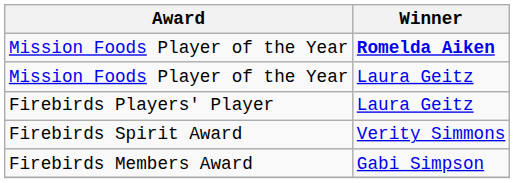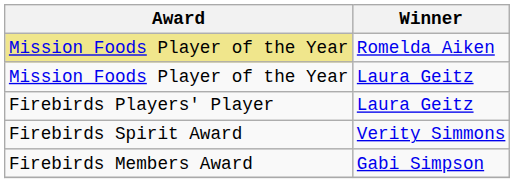 <table class="wikitable collapsible">
 <tr>
 <th>Award</th>
 <th>Winner</th>
 </tr>
 <tr>
-<td><a href='#'>Mission Foods</a> Player of the Year</td>
-<td><strong> <a href='#'>Romelda Aiken</a> <em></em></strong></td>
+<td style="background: khaki;"><a href='#'>Mission Foods</a> Player of the Year</td>
+<td> <a href='#'>Romelda Aiken</a> <em></em></td>
 </tr>
 <tr>
 <td><a href='#'>Mission Foods</a> Player of the Year</td>
 <td> <a href='#'>Laura Geitz</a>     <em></em></td>
 </tr>
 <tr>
 <td>Firebirds Players' Player</td>
 <td> <a href='#'>Laura Geitz</a></td>
 </tr>
 <tr>
 <td>Firebirds Spirit Award</td>
 <td> <a href='#'>Verity Simmons</a></td>
 </tr>
 <tr>
 <td>Firebirds Members Award</td>
 <td> <a href='#'>Gabi Simpson</a></td>
 </tr>
 <tr>
 </tr>
 </table>
